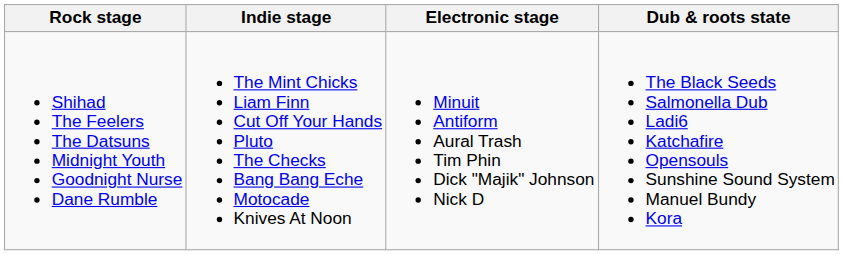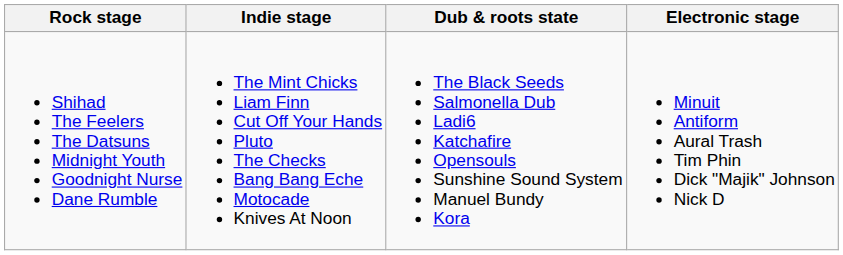 <table class="wikitable vertical-align-top">
 <tr>
 <th>Rock stage</th>
 <th>Indie stage</th>
+<th>Dub & roots state</th>
 <th>Electronic stage</th>
-<th>Dub & roots state</th>
 </tr>
 <tr>
 <td><br><ul><li><a href='#'>Shihad</a></li><li><a href='#'>The Feelers</a></li><li><a href='#'>The Datsuns</a></li><li><a href='#'>Midnight Youth</a></li><li><a href='#'>Goodnight Nurse</a></li><li><a href='#'>Dane Rumble</a></li></ul></td>
 <td><br><ul><li><a href='#'>The Mint Chicks</a></li><li><a href='#'>Liam Finn</a></li><li><a href='#'>Cut Off Your Hands</a></li><li><a href='#'>Pluto</a></li><li><a href='#'>The Checks</a></li><li><a href='#'>Bang Bang Eche</a></li><li><a href='#'>Motocade</a></li><li>Knives At Noon</li></ul></td>
+<td><br><ul><li><a href='#'>The Black Seeds</a></li><li><a href='#'>Salmonella Dub</a></li><li><a href='#'>Ladi6</a></li><li><a href='#'>Katchafire</a></li><li><a href='#'>Opensouls</a></li><li>Sunshine Sound System</li><li>Manuel Bundy</li><li><a href='#'>Kora</a></li></ul></td>
 <td><br><ul><li><a href='#'>Minuit</a></li><li><a href='#'>Antiform</a></li><li>Aural Trash</li><li>Tim Phin</li><li>Dick "Majik" Johnson</li><li>Nick D</li></ul></td>
-<td><br><ul><li><a href='#'>The Black Seeds</a></li><li><a href='#'>Salmonella Dub</a></li><li><a href='#'>Ladi6</a></li><li><a href='#'>Katchafire</a></li><li><a href='#'>Opensouls</a></li><li>Sunshine Sound System</li><li>Manuel Bundy</li><li><a href='#'>Kora</a></li></ul></td>
 </tr>
 </table>
